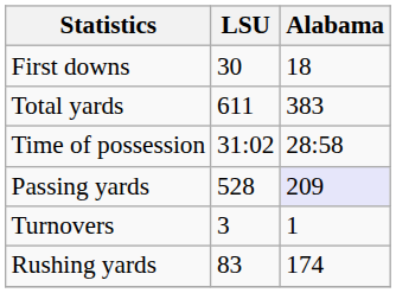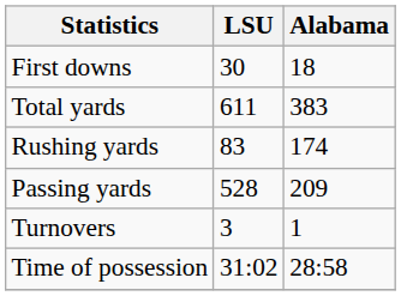 <table class="wikitable" style="float: left;">
 <tr>
 <th>Statistics</th>
 <th>LSU</th>
 <th>Alabama</th>
 </tr>
 <tr>
 <td>First downs</td>
 <td>30</td>
 <td>18</td>
 </tr>
 <tr>
 <td>Total yards</td>
 <td>611</td>
 <td>383</td>
 </tr>
 <tr>
-<td>Time of possession</td>
-<td>31:02</td>
-<td>28:58</td>
+<td>Rushing yards</td>
+<td>83</td>
+<td>174</td>
 </tr>
 <tr>
 <td>Passing yards</td>
 <td>528</td>
-<td style="background: lavender;">209</td>
+<td>209</td>
 </tr>
 <tr>
 <td>Turnovers</td>
 <td>3</td>
 <td>1</td>
 </tr>
 <tr>
-<td>Rushing yards</td>
-<td>83</td>
-<td>174</td>
+<td>Time of possession</td>
+<td>31:02</td>
+<td>28:58</td>
 </tr>
 <tr>
 </tr>
 </table>
